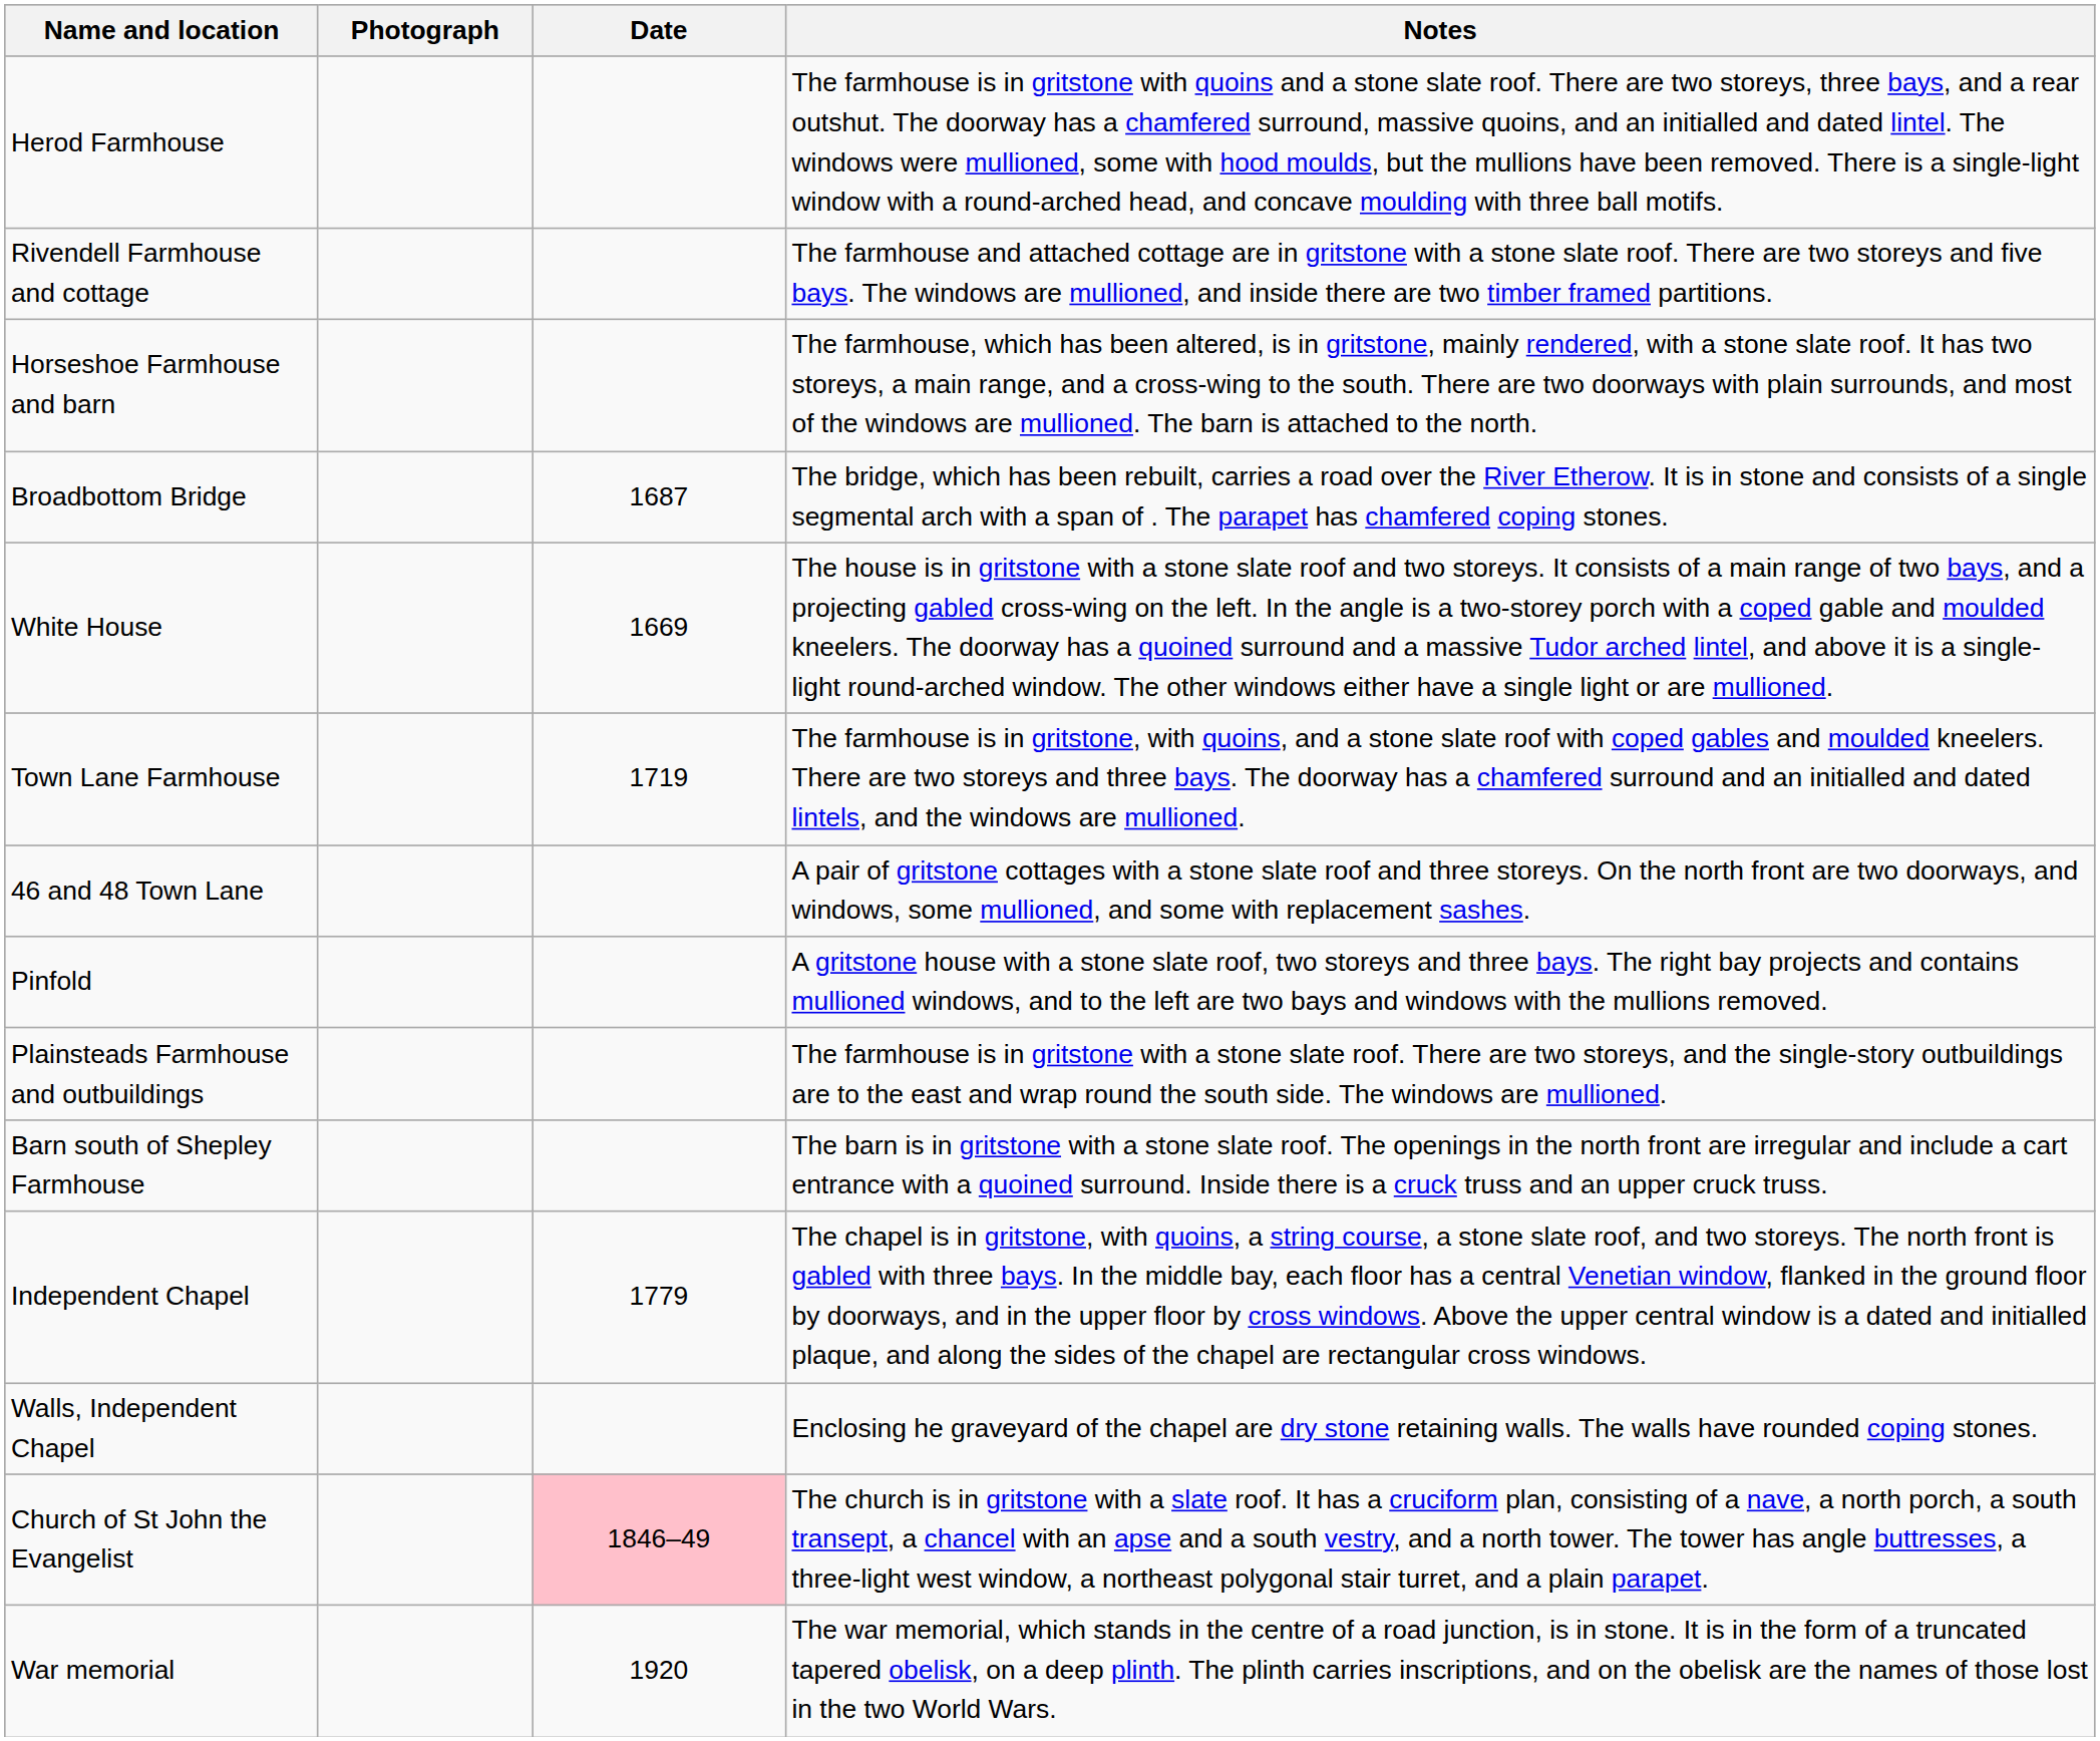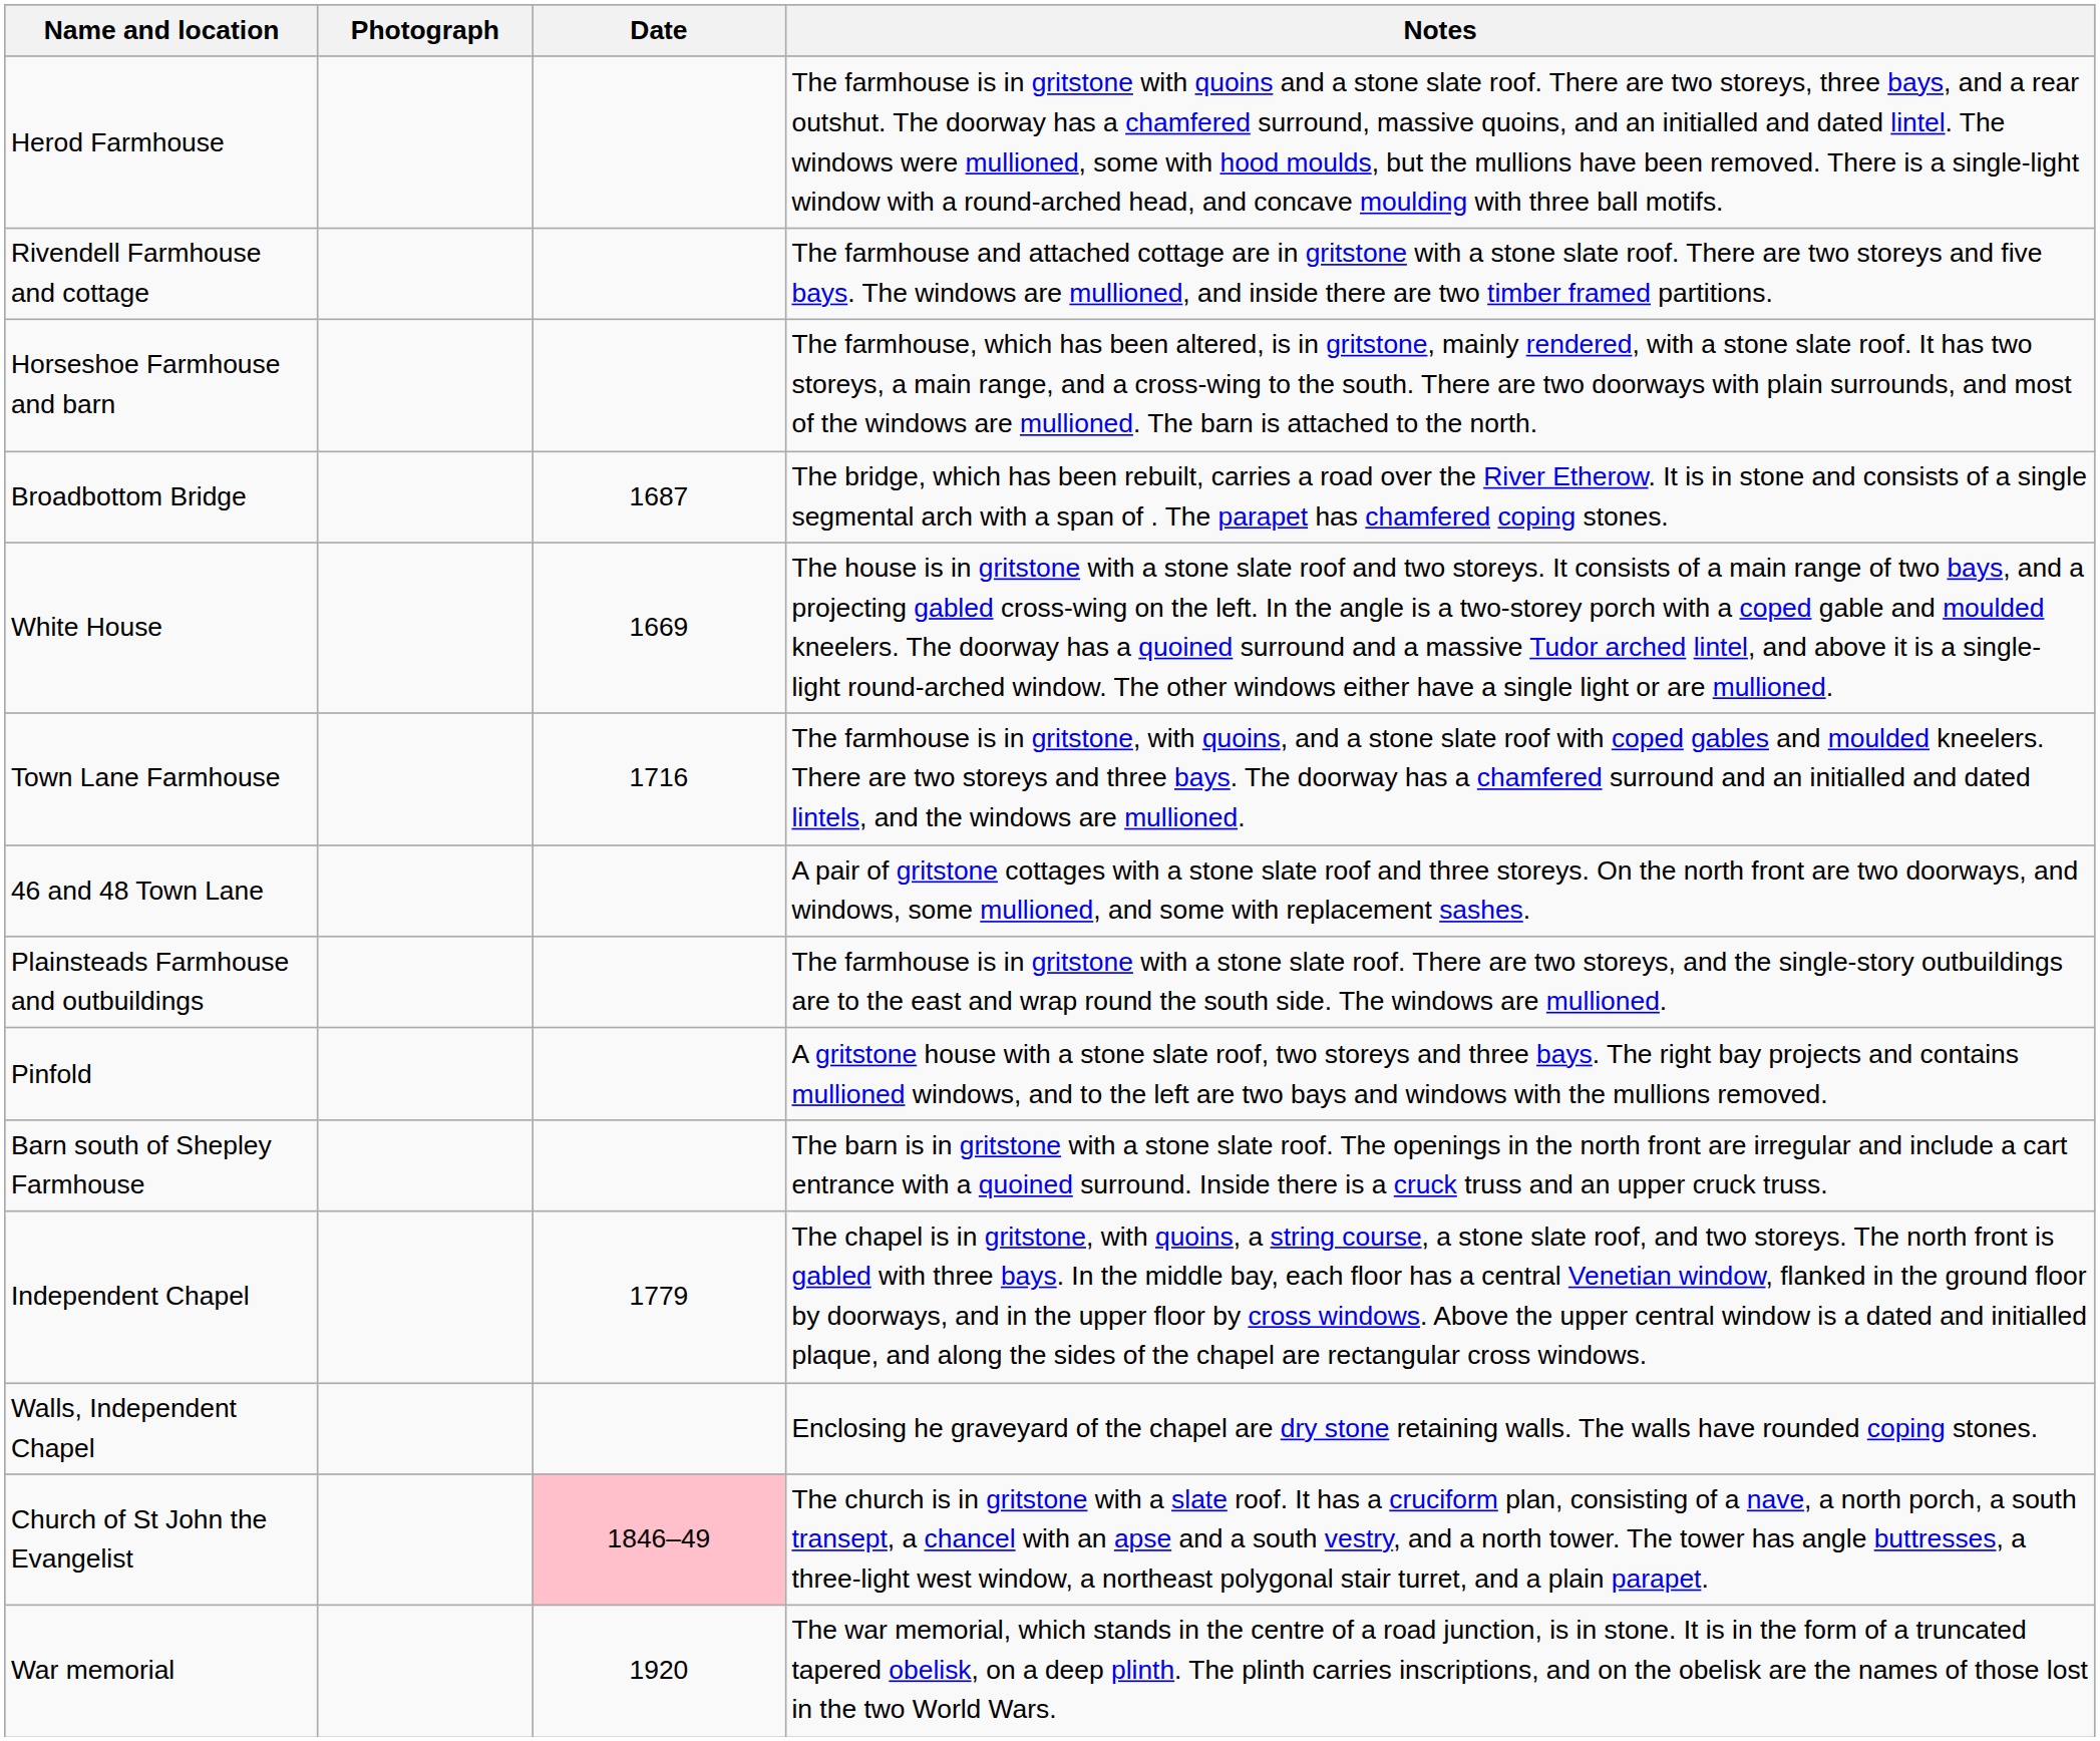 <table class="wikitable sortable plainrowheaders" style="width:100%;border:0px;text-align:left;line-height:150%;">
 <tr>
 <th scope="col"  style="width:150px">Name and location</th>
 <th scope="col"  style="width:100px" class="unsortable">Photograph</th>
 <th scope="col"  style="width:120px">Date</th>
 <th scope="col"  style="width:650px" class="unsortable">Notes</th>
 </tr>
 <tr>
 <td>Herod Farmhouse<br><small></small></td>
 <td></td>
 <td align="center"></td>
 <td>The farmhouse is in <a href='#'>gritstone</a> with <a href='#'>quoins</a> and a stone slate roof.  There are two storeys, three <a href='#'>bays</a>, and a rear outshut.  The doorway has a <a href='#'>chamfered</a> surround, massive quoins, and an initialled and dated <a href='#'>lintel</a>.  The windows were <a href='#'>mullioned</a>, some with <a href='#'>hood moulds</a>, but the mullions have been removed.  There is a single-light window with a round-arched head, and concave <a href='#'>moulding</a> with three ball motifs.</td>
 </tr>
 <tr>
 <td>Rivendell Farmhouse and cottage<br><small></small></td>
 <td></td>
 <td align="center"></td>
 <td>The farmhouse and attached cottage are in <a href='#'>gritstone</a> with a stone slate roof.  There are two storeys and five <a href='#'>bays</a>.  The windows are <a href='#'>mullioned</a>, and inside there are two <a href='#'>timber framed</a> partitions.</td>
 </tr>
 <tr>
 <td>Horseshoe Farmhouse and barn<br><small></small></td>
 <td></td>
 <td align="center"></td>
 <td>The farmhouse, which has been altered, is in <a href='#'>gritstone</a>, mainly <a href='#'>rendered</a>, with a stone slate roof.  It has two storeys, a main range, and a cross-wing to the south.  There are two doorways with plain surrounds, and most of the windows are <a href='#'>mullioned</a>.  The barn is attached to the north.</td>
 </tr>
 <tr>
 <td>Broadbottom Bridge<br><small></small></td>
 <td></td>
 <td align="center">1687</td>
 <td>The bridge, which has been rebuilt, carries a road over the <a href='#'>River Etherow</a>.  It is in stone and consists of a single segmental arch with a span of .  The <a href='#'>parapet</a> has <a href='#'>chamfered</a> <a href='#'>coping</a> stones.</td>
 </tr>
 <tr>
 <td>White House<br><small></small></td>
 <td></td>
 <td align="center">1669</td>
 <td>The house is in <a href='#'>gritstone</a> with a stone slate roof and two storeys.  It consists of a main range of two <a href='#'>bays</a>, and a projecting <a href='#'>gabled</a> cross-wing on the left.  In the angle is a two-storey porch with a <a href='#'>coped</a> gable and <a href='#'>moulded</a> kneelers.  The doorway has a <a href='#'>quoined</a> surround and a massive <a href='#'>Tudor arched</a> <a href='#'>lintel</a>, and above it is a single-light round-arched window.  The other windows either have a single light or are <a href='#'>mullioned</a>.</td>
 </tr>
 <tr>
 <td>Town Lane Farmhouse<br><small></small></td>
 <td></td>
-<td align="center">1719</td>
+<td align="center">1716</td>
 <td>The farmhouse is in <a href='#'>gritstone</a>, with <a href='#'>quoins</a>, and a stone slate roof with <a href='#'>coped</a> <a href='#'>gables</a> and <a href='#'>moulded</a> kneelers.  There are two storeys and three <a href='#'>bays</a>.  The doorway has a <a href='#'>chamfered</a> surround and an initialled and dated <a href='#'>lintels</a>, and the windows are <a href='#'>mullioned</a>.</td>
 </tr>
 <tr>
 <td>46 and 48 Town Lane<br><small></small></td>
 <td></td>
 <td align="center"></td>
 <td>A pair of <a href='#'>gritstone</a> cottages with a stone slate roof and three storeys.  On the north front are two doorways, and windows, some <a href='#'>mullioned</a>, and some with replacement <a href='#'>sashes</a>.</td>
 </tr>
 <tr>
+<td>Plainsteads Farmhouse and outbuildings<br><small></small></td>
+<td></td>
+<td align="center"></td>
+<td>The farmhouse is in <a href='#'>gritstone</a> with a stone slate roof.  There are two storeys, and the single-story outbuildings are to the east and wrap round the south side.  The windows are <a href='#'>mullioned</a>.</td>
+</tr>
+<tr>
 <td>Pinfold<br><small></small></td>
 <td></td>
 <td align="center"></td>
 <td>A <a href='#'>gritstone</a> house with a stone slate roof, two storeys and three <a href='#'>bays</a>.  The right bay projects and contains <a href='#'>mullioned</a> windows, and to the left are two bays and windows with the mullions removed.</td>
-</tr>
-<tr>
-<td>Plainsteads Farmhouse and outbuildings<br><small></small></td>
-<td></td>
-<td align="center"></td>
-<td>The farmhouse is in <a href='#'>gritstone</a> with a stone slate roof.  There are two storeys, and the single-story outbuildings are to the east and wrap round the south side.  The windows are <a href='#'>mullioned</a>.</td>
 </tr>
 <tr>
 <td>Barn south of Shepley Farmhouse<br><small></small></td>
 <td></td>
 <td align="center"></td>
 <td>The barn is in <a href='#'>gritstone</a> with a stone slate roof.  The openings in the north front are irregular and include a cart entrance with a <a href='#'>quoined</a> surround.  Inside there is a <a href='#'>cruck</a> truss and an upper cruck truss.</td>
 </tr>
 <tr>
 <td>Independent Chapel<br><small></small></td>
 <td></td>
 <td align="center">1779</td>
 <td>The chapel is in <a href='#'>gritstone</a>, with <a href='#'>quoins</a>, a <a href='#'>string course</a>, a stone slate roof, and two storeys.  The north front is <a href='#'>gabled</a> with three <a href='#'>bays</a>.  In the middle bay, each floor has a central <a href='#'>Venetian window</a>, flanked in the ground floor by doorways, and in the upper floor by <a href='#'>cross windows</a>.  Above the upper central window is a dated and initialled plaque, and along the sides of the chapel are rectangular cross windows.</td>
 </tr>
 <tr>
 <td>Walls, Independent Chapel<br><small></small></td>
 <td></td>
 <td align="center"></td>
 <td>Enclosing he graveyard of the chapel are <a href='#'>dry stone</a> retaining walls.  The walls have rounded <a href='#'>coping</a> stones.</td>
 </tr>
 <tr>
 <td>Church of St John the Evangelist<br><small></small></td>
 <td></td>
 <td align="center" style="background: pink;">1846–49</td>
 <td>The church is in <a href='#'>gritstone</a> with a <a href='#'>slate</a> roof.  It has a <a href='#'>cruciform</a> plan, consisting of a <a href='#'>nave</a>, a north porch, a south <a href='#'>transept</a>, a <a href='#'>chancel</a> with an <a href='#'>apse</a> and a south <a href='#'>vestry</a>, and a north tower.  The tower has angle <a href='#'>buttresses</a>, a three-light west window, a northeast polygonal stair turret, and a plain <a href='#'>parapet</a>.</td>
 </tr>
 <tr>
 <td>War memorial<br><small></small></td>
 <td></td>
 <td align="center">1920</td>
 <td>The war memorial, which stands in the centre of a road junction, is in stone.  It is in the form of a truncated tapered <a href='#'>obelisk</a>, on a deep <a href='#'>plinth</a>.   The plinth carries inscriptions, and on the obelisk are the names of those lost in the two World Wars.</td>
 </tr>
 <tr>
 </tr>
 </table>
